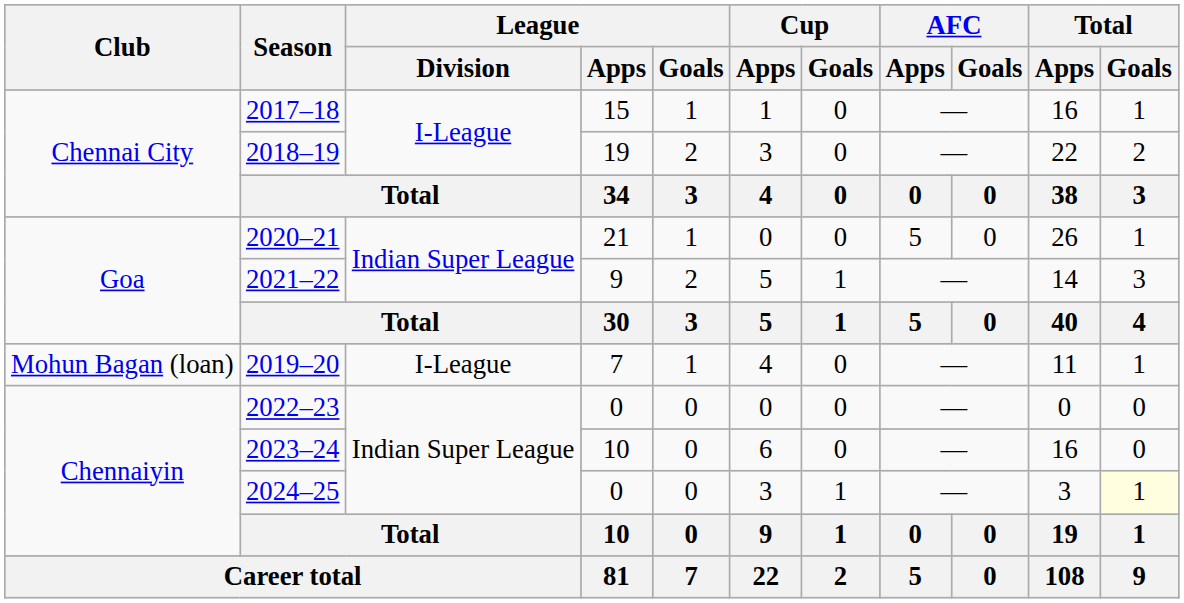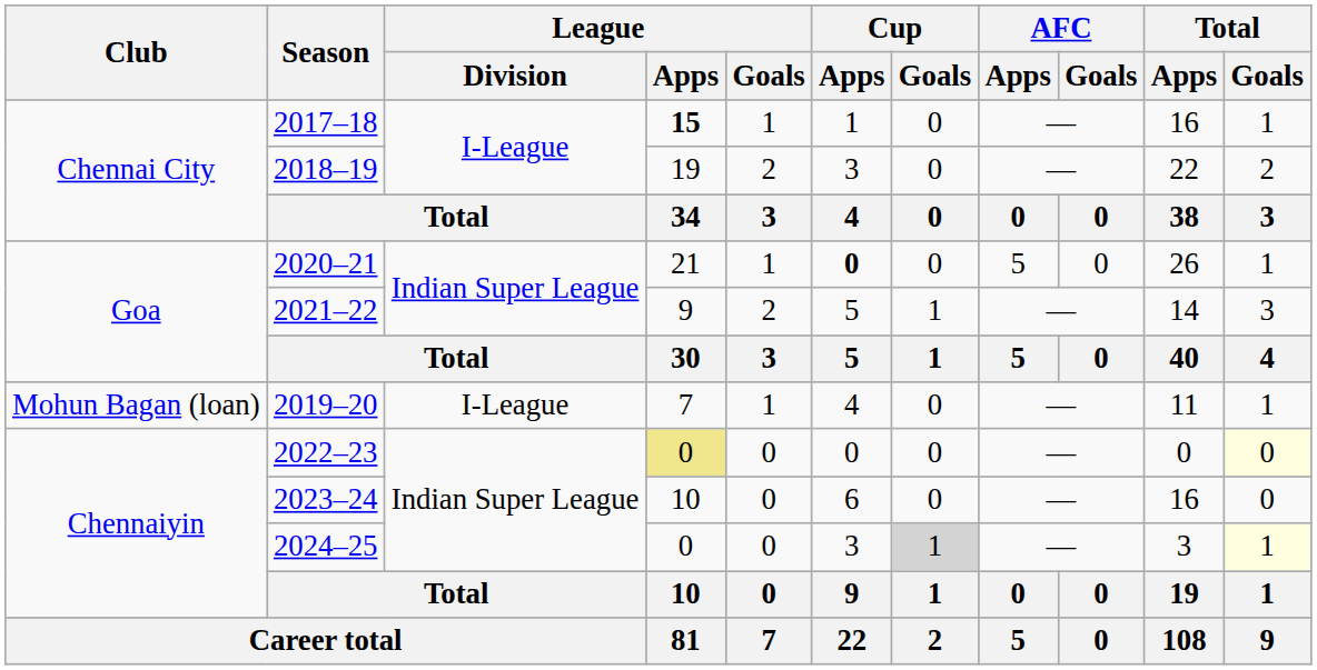 <table class="wikitable" style="text-align: center;">
 <tr>
 <th rowspan="2">Club</th>
 <th rowspan="2">Season</th>
 <th colspan="3">League</th>
 <th colspan="2">Cup</th>
 <th colspan="2"><a href='#'>AFC</a></th>
 <th colspan="2">Total</th>
 </tr>
 <tr>
 <th>Division</th>
 <th>Apps</th>
 <th>Goals</th>
 <th>Apps</th>
 <th>Goals</th>
 <th>Apps</th>
 <th>Goals</th>
 <th>Apps</th>
 <th>Goals</th>
 </tr>
 <tr>
 <td rowspan="3"><a href='#'>Chennai City</a></td>
 <td><a href='#'>2017–18</a></td>
 <td rowspan="2"><a href='#'>I-League</a></td>
-<td>15</td>
+<td><strong>15</strong></td>
 <td>1</td>
 <td>1</td>
 <td>0</td>
 <td colspan="2">—</td>
 <td>16</td>
 <td>1</td>
 </tr>
 <tr>
 <td><a href='#'>2018–19</a></td>
 <td>19</td>
 <td>2</td>
 <td>3</td>
 <td>0</td>
 <td colspan="2">—</td>
 <td>22</td>
 <td>2</td>
 </tr>
 <tr>
 <th colspan="2">Total</th>
 <th>34</th>
 <th>3</th>
 <th>4</th>
 <th>0</th>
 <th>0</th>
 <th>0</th>
 <th>38</th>
 <th>3</th>
 </tr>
 <tr>
 <td rowspan="3"><a href='#'>Goa</a></td>
 <td><a href='#'>2020–21</a></td>
 <td rowspan="2"><a href='#'>Indian Super League</a></td>
 <td>21</td>
 <td>1</td>
-<td>0</td>
+<td><strong>0</strong></td>
 <td>0</td>
 <td>5</td>
 <td>0</td>
 <td>26</td>
 <td>1</td>
 </tr>
 <tr>
 <td><a href='#'>2021–22</a></td>
 <td>9</td>
 <td>2</td>
 <td>5</td>
 <td>1</td>
 <td colspan="2">—</td>
 <td>14</td>
 <td>3</td>
 </tr>
 <tr>
 <th colspan="2">Total</th>
 <th>30</th>
 <th>3</th>
 <th>5</th>
 <th>1</th>
 <th>5</th>
 <th>0</th>
 <th>40</th>
 <th>4</th>
 </tr>
 <tr>
 <td rowspan="1"><a href='#'>Mohun Bagan</a> (loan)</td>
 <td><a href='#'>2019–20</a></td>
 <td rowspan="1">I-League</td>
 <td>7</td>
 <td>1</td>
 <td>4</td>
 <td>0</td>
 <td colspan="2">—</td>
 <td>11</td>
 <td>1</td>
 </tr>
 <tr>
 <td rowspan="4"><a href='#'>Chennaiyin</a></td>
 <td><a href='#'>2022–23</a></td>
 <td rowspan="3">Indian Super League</td>
-<td>0</td>
+<td style="background: khaki;">0</td>
 <td>0</td>
 <td>0</td>
 <td>0</td>
 <td colspan="2">—</td>
 <td>0</td>
-<td>0</td>
+<td style="background: lightyellow;">0</td>
 </tr>
 <tr>
 <td><a href='#'>2023–24</a></td>
 <td>10</td>
 <td>0</td>
 <td>6</td>
 <td>0</td>
 <td colspan="2">—</td>
 <td>16</td>
 <td>0</td>
 </tr>
 <tr>
 <td><a href='#'>2024–25</a></td>
 <td>0</td>
 <td>0</td>
 <td>3</td>
-<td>1</td>
+<td style="background: lightgrey;">1</td>
 <td colspan="2">—</td>
 <td>3</td>
 <td style="background: lightyellow;">1</td>
 </tr>
 <tr>
 <th colspan="2">Total</th>
 <th>10</th>
 <th>0</th>
 <th>9</th>
 <th>1</th>
 <th>0</th>
 <th>0</th>
 <th>19</th>
 <th>1</th>
 </tr>
 <tr>
 <th colspan="3">Career total</th>
 <th>81</th>
 <th>7</th>
 <th>22</th>
 <th>2</th>
 <th>5</th>
 <th>0</th>
 <th>108</th>
 <th>9</th>
 </tr>
 </table>
